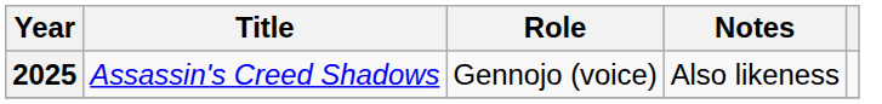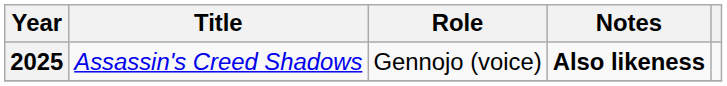 <table class="wikitable plainrowheaders sortable">
 <tr>
 <th scope="col">Year</th>
 <th scope="col">Title</th>
 <th scope="col">Role</th>
 <th scope="col" class="unsortable">Notes</th>
 <th scope="col" class="unsortable"></th>
 </tr>
 <tr>
 <th scope="row">2025</th>
 <td><em><a href='#'>Assassin's Creed Shadows</a></em></td>
 <td>Gennojo (voice)</td>
-<td>Also likeness</td>
+<td><strong>Also likeness</strong></td>
 <td style="text-align:center"></td>
 </tr>
 <tr>
 </tr>
 </table>
